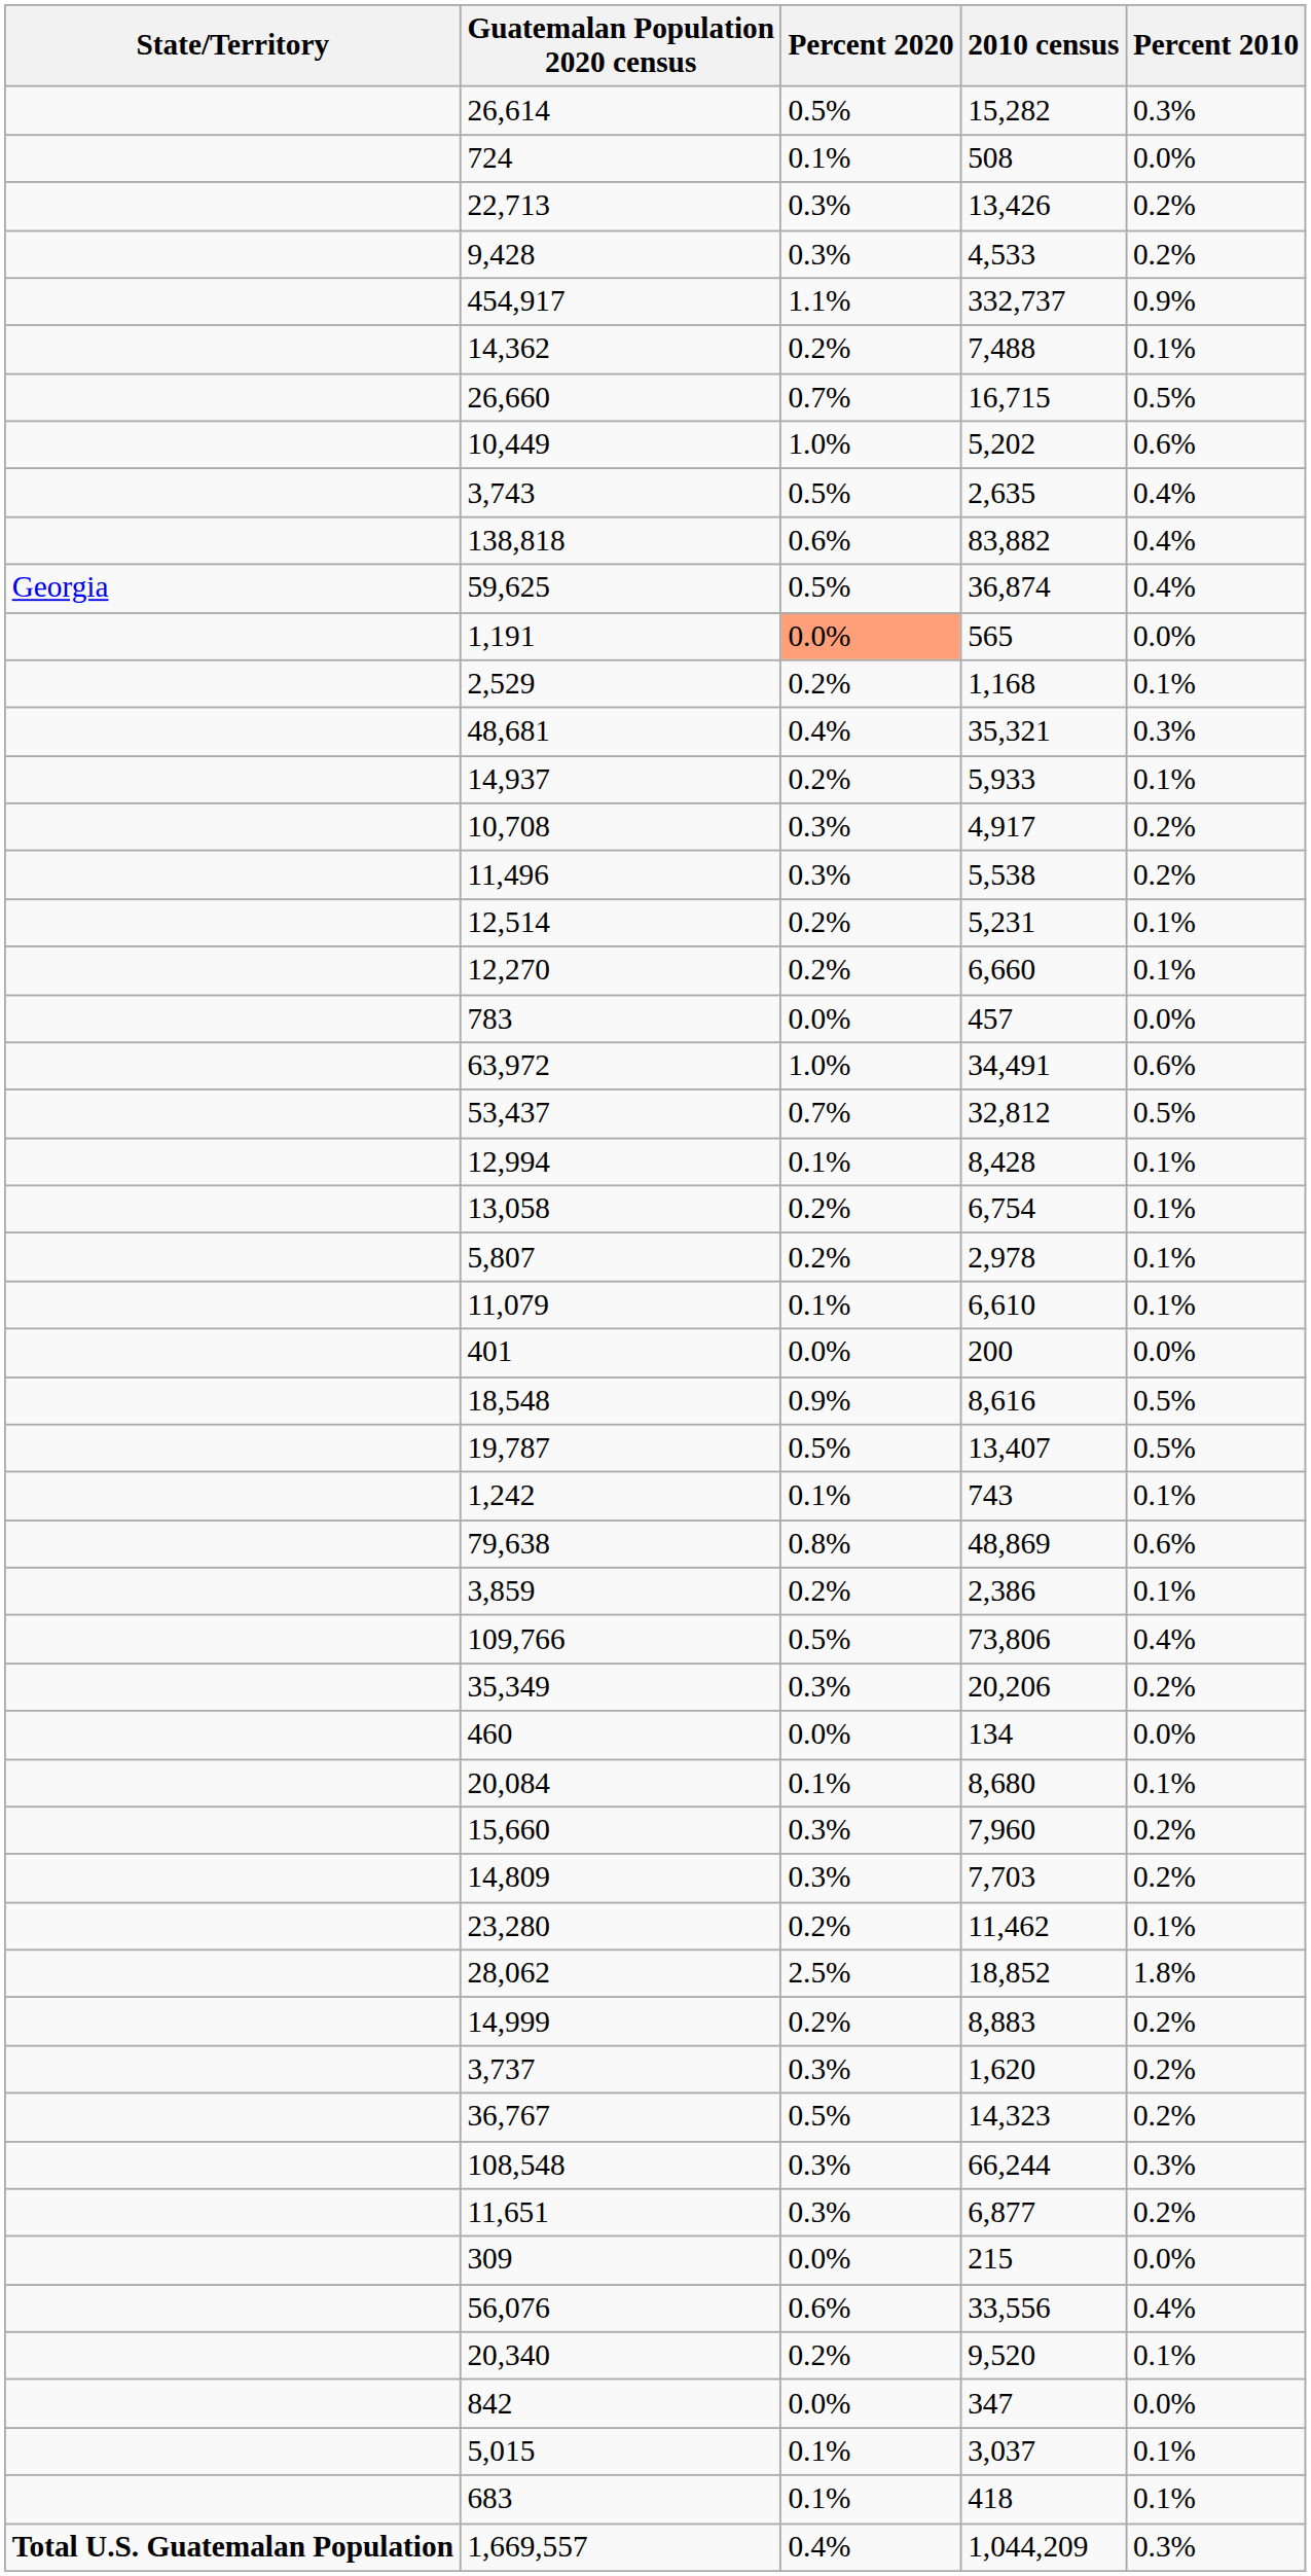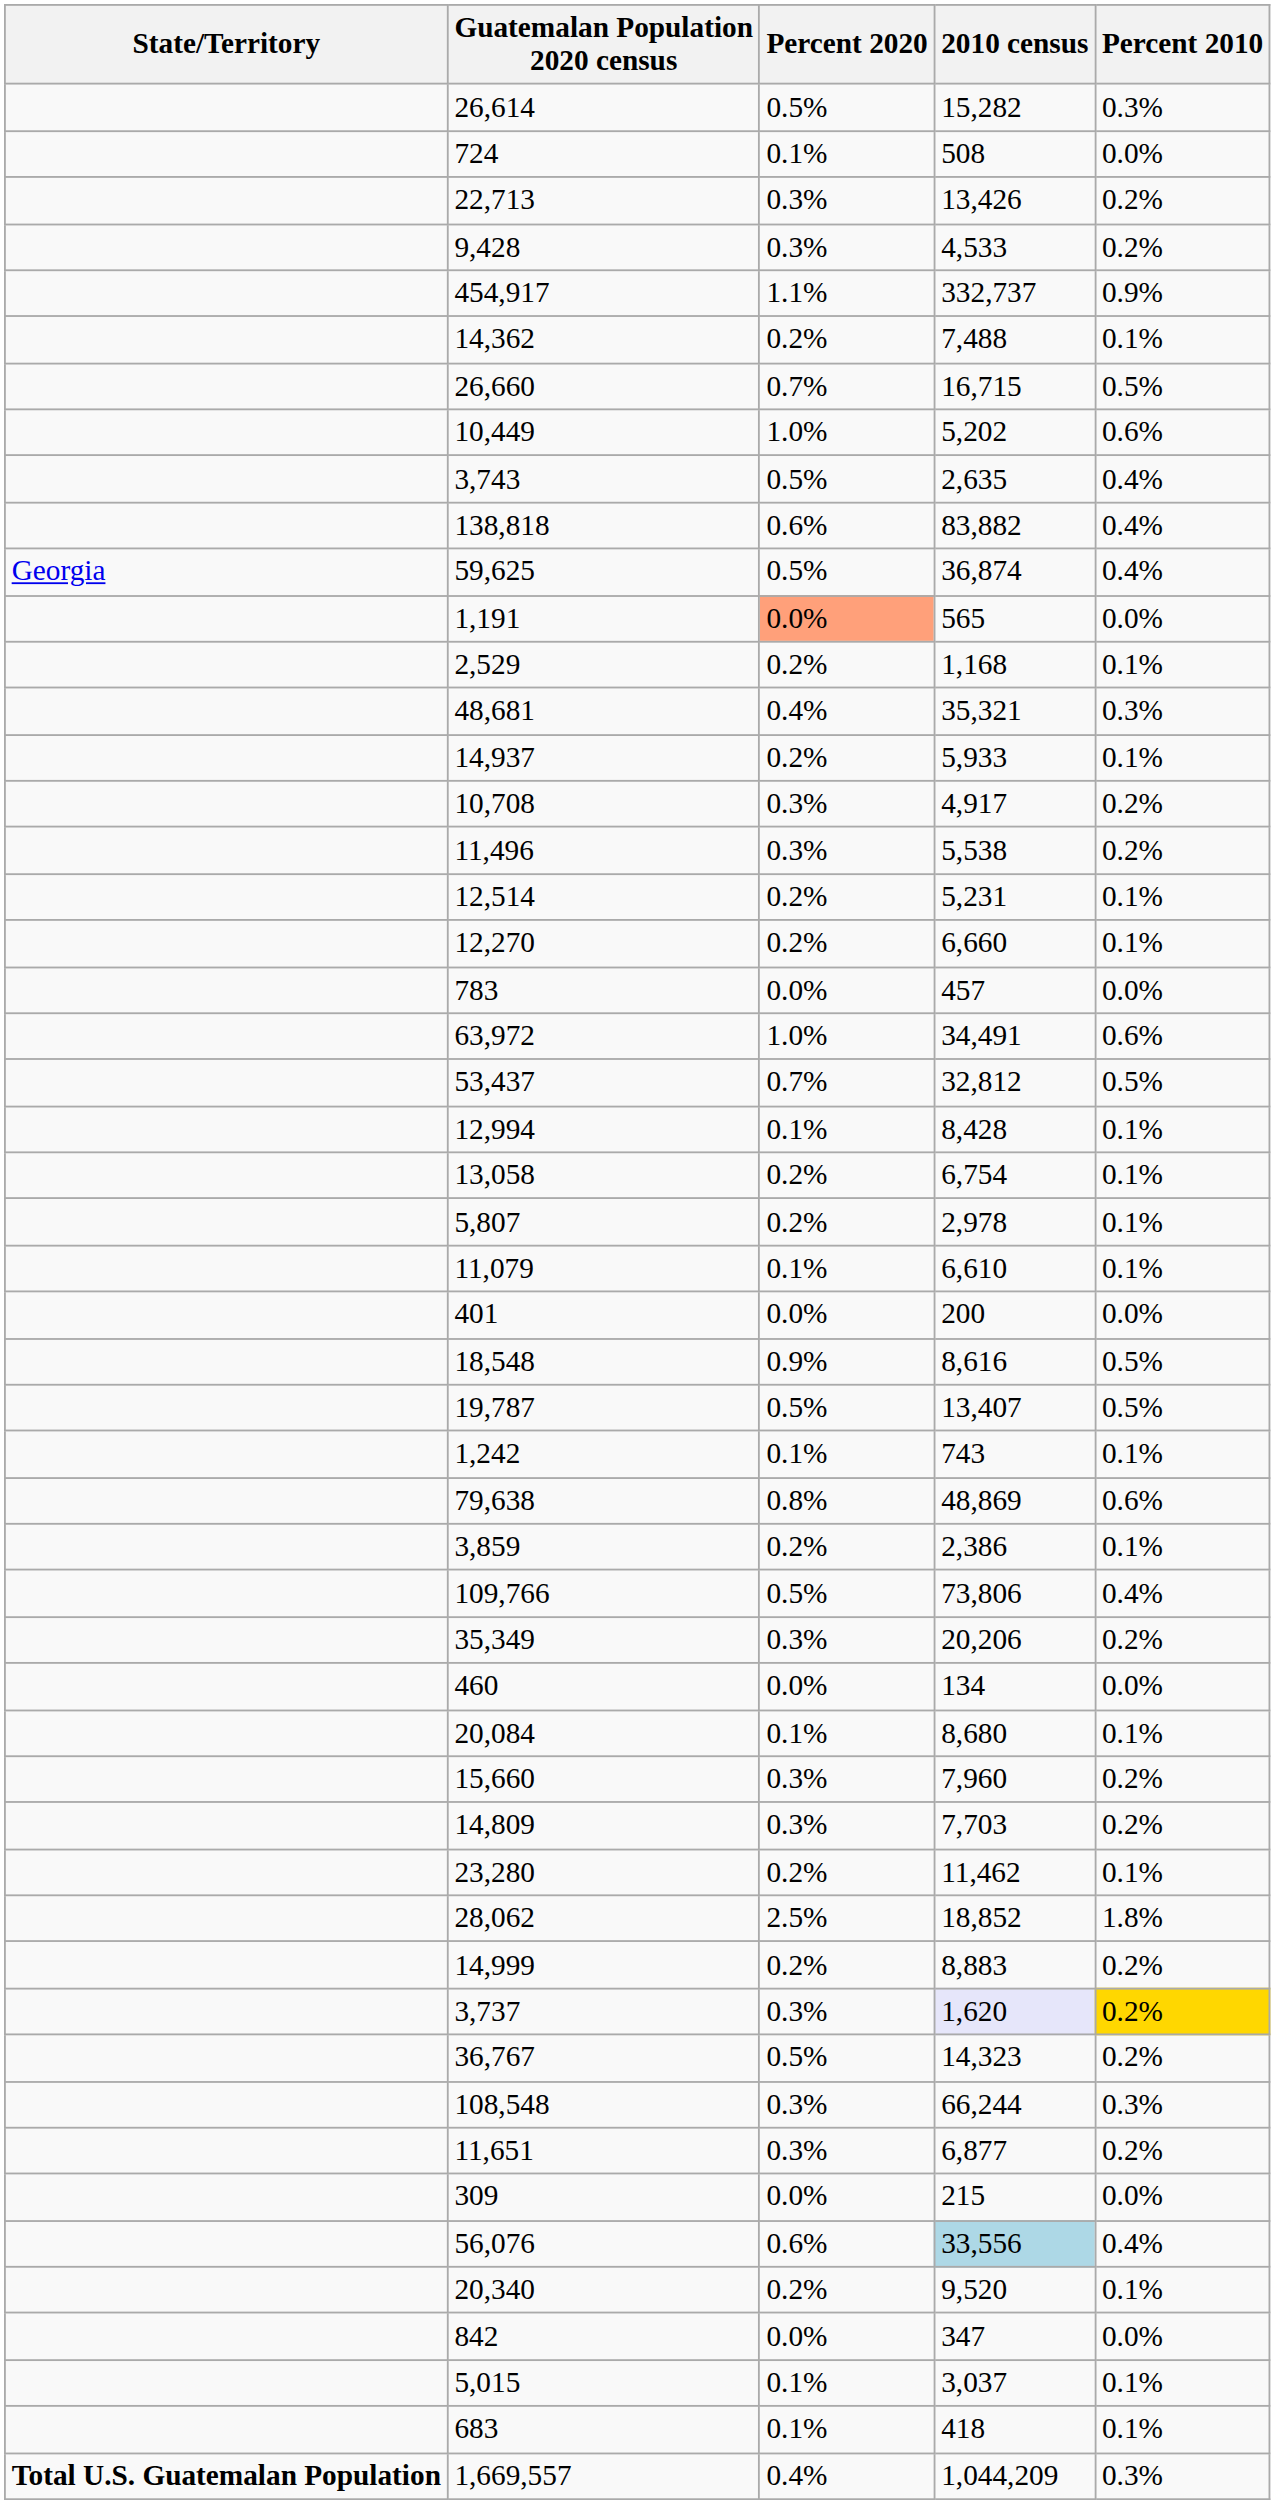 <table class="wikitable sortable">
 <tr>
 <th>State/Territory</th>
 <th>Guatemalan Population<br> 2020 census</th>
 <th>Percent 2020</th>
 <th>2010 census</th>
 <th>Percent 2010</th>
 </tr>
 <tr>
 <td></td>
 <td>26,614</td>
 <td>0.5%</td>
 <td>15,282</td>
 <td>0.3%</td>
 </tr>
 <tr>
 <td></td>
 <td>724</td>
 <td>0.1%</td>
 <td>508</td>
 <td>0.0%</td>
 </tr>
 <tr>
 <td></td>
 <td>22,713</td>
 <td>0.3%</td>
 <td>13,426</td>
 <td>0.2%</td>
 </tr>
 <tr>
 <td></td>
 <td>9,428</td>
 <td>0.3%</td>
 <td>4,533</td>
 <td>0.2%</td>
 </tr>
 <tr>
 <td></td>
 <td>454,917</td>
 <td>1.1%</td>
 <td>332,737</td>
 <td>0.9%</td>
 </tr>
 <tr>
 <td></td>
 <td>14,362</td>
 <td>0.2%</td>
 <td>7,488</td>
 <td>0.1%</td>
 </tr>
 <tr>
 <td></td>
 <td>26,660</td>
 <td>0.7%</td>
 <td>16,715</td>
 <td>0.5%</td>
 </tr>
 <tr>
 <td></td>
 <td>10,449</td>
 <td>1.0%</td>
 <td>5,202</td>
 <td>0.6%</td>
 </tr>
 <tr>
 <td></td>
 <td>3,743</td>
 <td>0.5%</td>
 <td>2,635</td>
 <td>0.4%</td>
 </tr>
 <tr>
 <td></td>
 <td>138,818</td>
 <td>0.6%</td>
 <td>83,882</td>
 <td>0.4%</td>
 </tr>
 <tr>
 <td> <a href='#'>Georgia</a></td>
 <td>59,625</td>
 <td>0.5%</td>
 <td>36,874</td>
 <td>0.4%</td>
 </tr>
 <tr>
 <td></td>
 <td>1,191</td>
 <td style="background: lightsalmon;">0.0%</td>
 <td>565</td>
 <td>0.0%</td>
 </tr>
 <tr>
 <td></td>
 <td>2,529</td>
 <td>0.2%</td>
 <td>1,168</td>
 <td>0.1%</td>
 </tr>
 <tr>
 <td></td>
 <td>48,681</td>
 <td>0.4%</td>
 <td>35,321</td>
 <td>0.3%</td>
 </tr>
 <tr>
 <td></td>
 <td>14,937</td>
 <td>0.2%</td>
 <td>5,933</td>
 <td>0.1%</td>
 </tr>
 <tr>
 <td></td>
 <td>10,708</td>
 <td>0.3%</td>
 <td>4,917</td>
 <td>0.2%</td>
 </tr>
 <tr>
 <td></td>
 <td>11,496</td>
 <td>0.3%</td>
 <td>5,538</td>
 <td>0.2%</td>
 </tr>
 <tr>
 <td></td>
 <td>12,514</td>
 <td>0.2%</td>
 <td>5,231</td>
 <td>0.1%</td>
 </tr>
 <tr>
 <td></td>
 <td>12,270</td>
 <td>0.2%</td>
 <td>6,660</td>
 <td>0.1%</td>
 </tr>
 <tr>
 <td></td>
 <td>783</td>
 <td>0.0%</td>
 <td>457</td>
 <td>0.0%</td>
 </tr>
 <tr>
 <td></td>
 <td>63,972</td>
 <td>1.0%</td>
 <td>34,491</td>
 <td>0.6%</td>
 </tr>
 <tr>
 <td></td>
 <td>53,437</td>
 <td>0.7%</td>
 <td>32,812</td>
 <td>0.5%</td>
 </tr>
 <tr>
 <td></td>
 <td>12,994</td>
 <td>0.1%</td>
 <td>8,428</td>
 <td>0.1%</td>
 </tr>
 <tr>
 <td></td>
 <td>13,058</td>
 <td>0.2%</td>
 <td>6,754</td>
 <td>0.1%</td>
 </tr>
 <tr>
 <td></td>
 <td>5,807</td>
 <td>0.2%</td>
 <td>2,978</td>
 <td>0.1%</td>
 </tr>
 <tr>
 <td></td>
 <td>11,079</td>
 <td>0.1%</td>
 <td>6,610</td>
 <td>0.1%</td>
 </tr>
 <tr>
 <td></td>
 <td>401</td>
 <td>0.0%</td>
 <td>200</td>
 <td>0.0%</td>
 </tr>
 <tr>
 <td></td>
 <td>18,548</td>
 <td>0.9%</td>
 <td>8,616</td>
 <td>0.5%</td>
 </tr>
 <tr>
 <td></td>
 <td>19,787</td>
 <td>0.5%</td>
 <td>13,407</td>
 <td>0.5%</td>
 </tr>
 <tr>
 <td></td>
 <td>1,242</td>
 <td>0.1%</td>
 <td>743</td>
 <td>0.1%</td>
 </tr>
 <tr>
 <td></td>
 <td>79,638</td>
 <td>0.8%</td>
 <td>48,869</td>
 <td>0.6%</td>
 </tr>
 <tr>
 <td></td>
 <td>3,859</td>
 <td>0.2%</td>
 <td>2,386</td>
 <td>0.1%</td>
 </tr>
 <tr>
 <td></td>
 <td>109,766</td>
 <td>0.5%</td>
 <td>73,806</td>
 <td>0.4%</td>
 </tr>
 <tr>
 <td></td>
 <td>35,349</td>
 <td>0.3%</td>
 <td>20,206</td>
 <td>0.2%</td>
 </tr>
 <tr>
 <td></td>
 <td>460</td>
 <td>0.0%</td>
 <td>134</td>
 <td>0.0%</td>
 </tr>
 <tr>
 <td></td>
 <td>20,084</td>
 <td>0.1%</td>
 <td>8,680</td>
 <td>0.1%</td>
 </tr>
 <tr>
 <td></td>
 <td>15,660</td>
 <td>0.3%</td>
 <td>7,960</td>
 <td>0.2%</td>
 </tr>
 <tr>
 <td></td>
 <td>14,809</td>
 <td>0.3%</td>
 <td>7,703</td>
 <td>0.2%</td>
 </tr>
 <tr>
 <td></td>
 <td>23,280</td>
 <td>0.2%</td>
 <td>11,462</td>
 <td>0.1%</td>
 </tr>
 <tr>
 <td></td>
 <td>28,062</td>
 <td>2.5%</td>
 <td>18,852</td>
 <td>1.8%</td>
 </tr>
 <tr>
 <td></td>
 <td>14,999</td>
 <td>0.2%</td>
 <td>8,883</td>
 <td>0.2%</td>
 </tr>
 <tr>
 <td></td>
 <td>3,737</td>
 <td>0.3%</td>
-<td>1,620</td>
-<td>0.2%</td>
+<td style="background: lavender;">1,620</td>
+<td style="background: gold;">0.2%</td>
 </tr>
 <tr>
 <td></td>
 <td>36,767</td>
 <td>0.5%</td>
 <td>14,323</td>
 <td>0.2%</td>
 </tr>
 <tr>
 <td></td>
 <td>108,548</td>
 <td>0.3%</td>
 <td>66,244</td>
 <td>0.3%</td>
 </tr>
 <tr>
 <td></td>
 <td>11,651</td>
 <td>0.3%</td>
 <td>6,877</td>
 <td>0.2%</td>
 </tr>
 <tr>
 <td></td>
 <td>309</td>
 <td>0.0%</td>
 <td>215</td>
 <td>0.0%</td>
 </tr>
 <tr>
 <td></td>
 <td>56,076</td>
 <td>0.6%</td>
-<td>33,556</td>
+<td style="background: lightblue;">33,556</td>
 <td>0.4%</td>
 </tr>
 <tr>
 <td></td>
 <td>20,340</td>
 <td>0.2%</td>
 <td>9,520</td>
 <td>0.1%</td>
 </tr>
 <tr>
 <td></td>
 <td>842</td>
 <td>0.0%</td>
 <td>347</td>
 <td>0.0%</td>
 </tr>
 <tr>
 <td></td>
 <td>5,015</td>
 <td>0.1%</td>
 <td>3,037</td>
 <td>0.1%</td>
 </tr>
 <tr>
 <td></td>
 <td>683</td>
 <td>0.1%</td>
 <td>418</td>
 <td>0.1%</td>
 </tr>
 <tr>
 <td><strong>Total U.S. Guatemalan Population</strong></td>
 <td>1,669,557</td>
 <td>0.4%</td>
 <td>1,044,209</td>
 <td>0.3%</td>
 </tr>
 </table>
